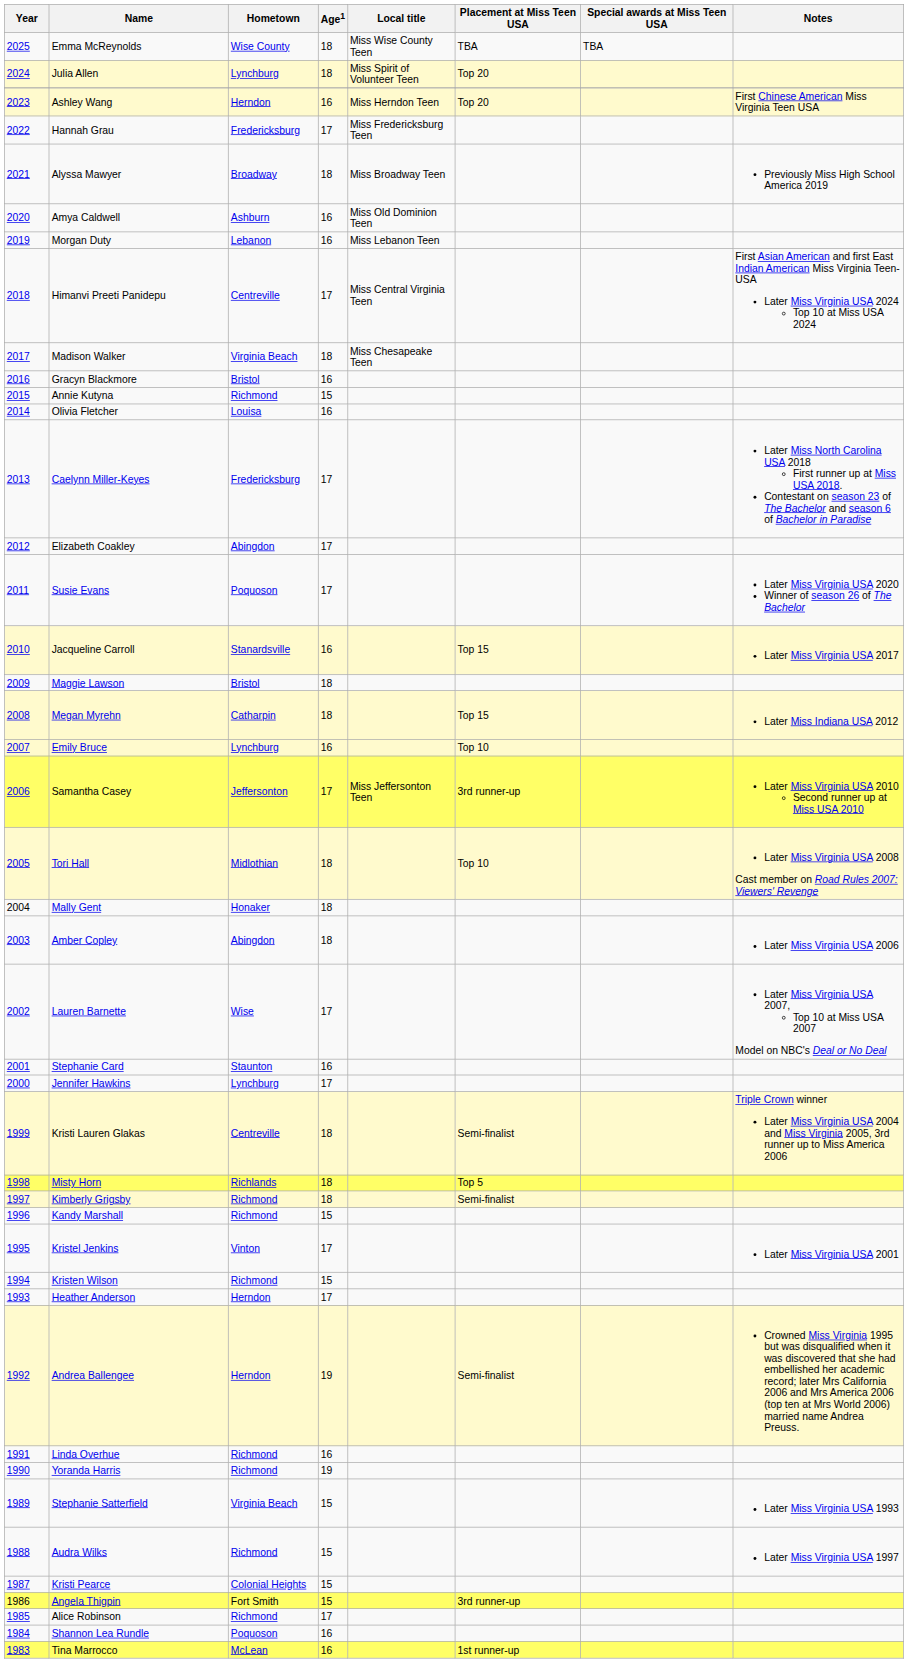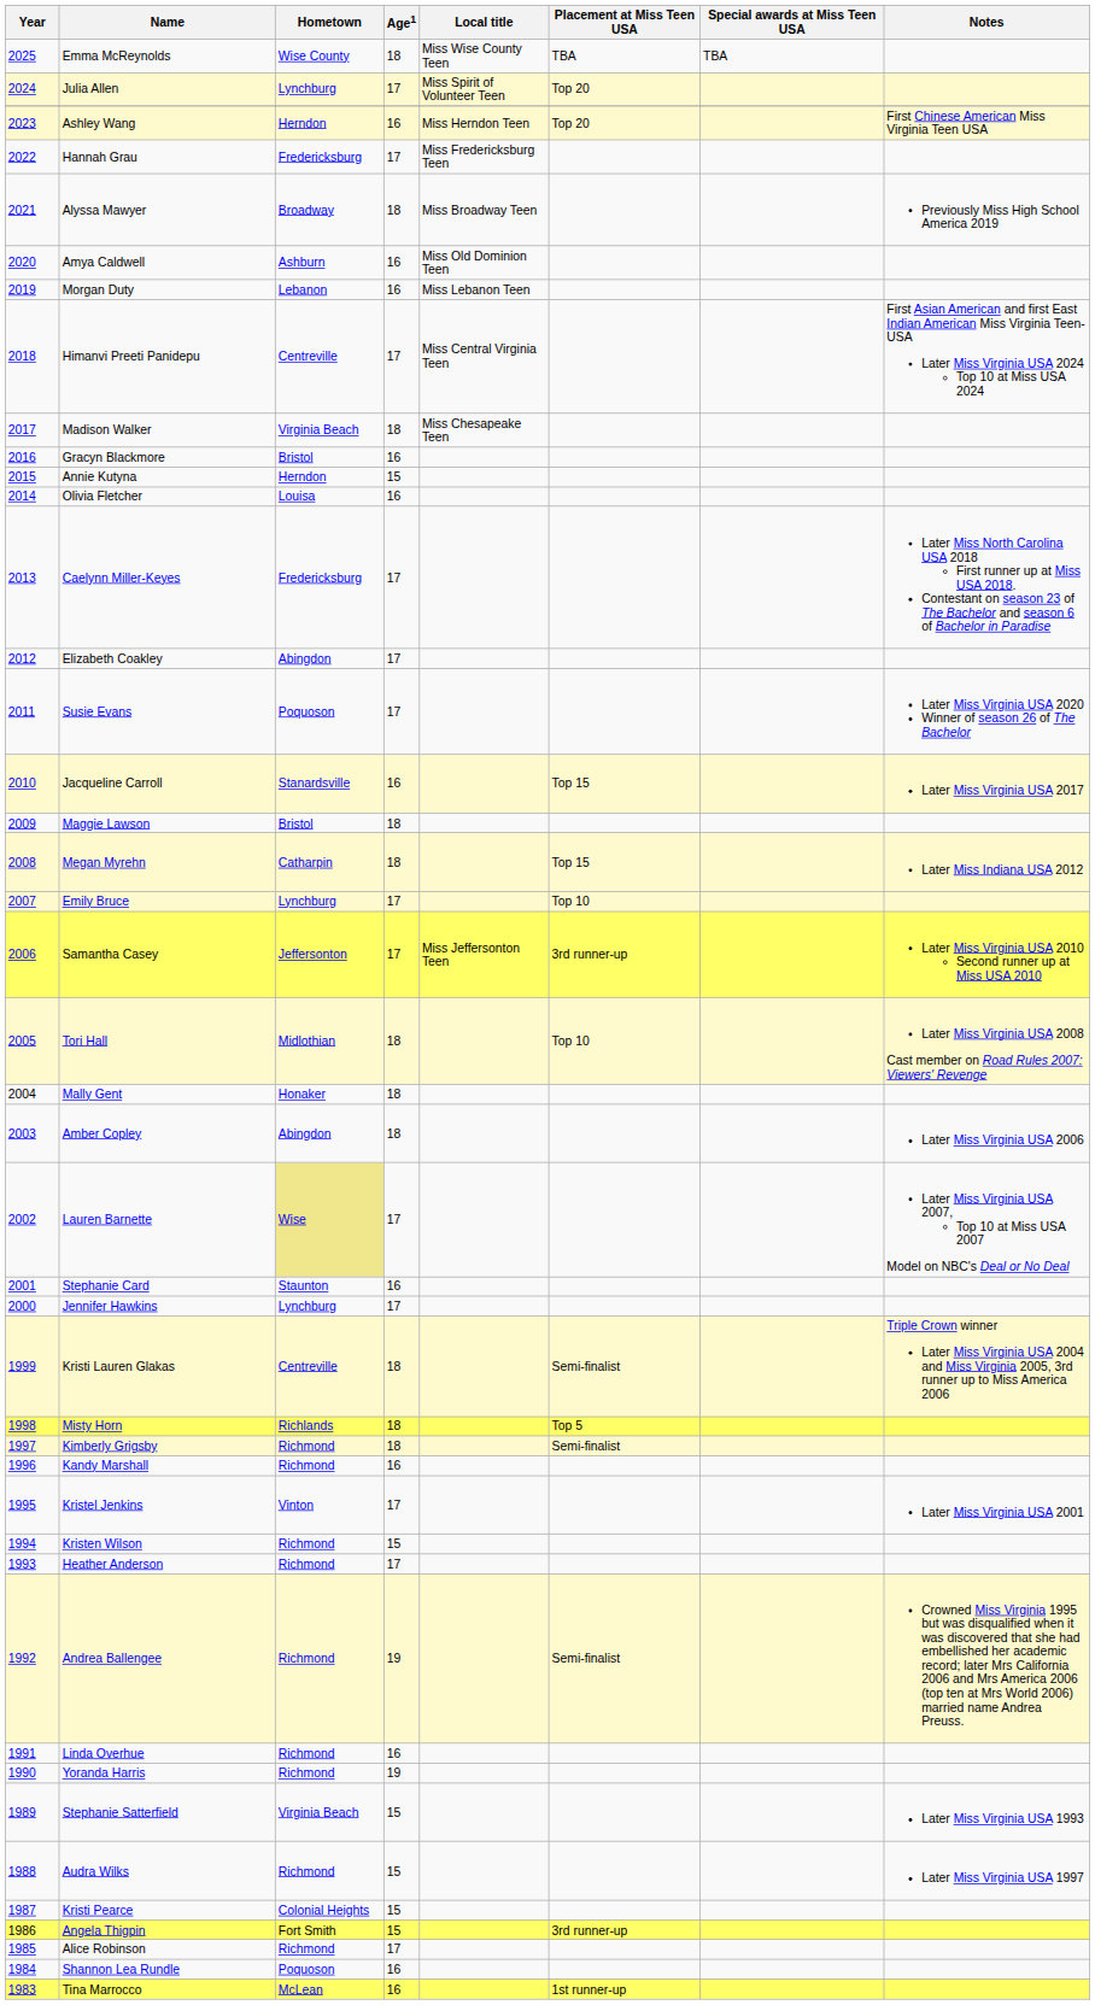 <table class="wikitable"style="font-size:90%;">
 <tr bgcolor="#efefef">
 <th width=5%>Year</th>
 <th width=20%>Name</th>
 <th width=10%>Hometown</th>
 <th width=3%>Age<sup>1</sup></th>
 <th width=12%>Local title</th>
 <th width=14%>Placement at Miss Teen USA</th>
 <th width=17%>Special awards at Miss Teen  USA</th>
 <th width=31%>Notes</th>
 </tr>
 <tr>
 <td><a href='#'>2025</a></td>
 <td>Emma McReynolds</td>
 <td><a href='#'>Wise County</a></td>
 <td>18</td>
 <td>Miss Wise County Teen</td>
 <td>TBA</td>
 <td>TBA</td>
 <td></td>
 </tr>
 <tr style="background-color:#FFFACD;”">
 <td><a href='#'>2024</a></td>
 <td>Julia Allen</td>
 <td><a href='#'>Lynchburg</a></td>
-<td>18</td>
+<td>17</td>
 <td>Miss Spirit of Volunteer Teen</td>
 <td>Top 20</td>
 <td></td>
 <td></td>
 </tr>
 <tr>
 </tr>
 <tr style="background-color:#FFFACD;”">
 <td><a href='#'>2023</a></td>
 <td>Ashley Wang</td>
 <td><a href='#'>Herndon</a></td>
 <td>16</td>
 <td>Miss Herndon Teen</td>
 <td>Top 20</td>
 <td></td>
 <td>First <a href='#'>Chinese American</a> Miss Virginia Teen USA</td>
 </tr>
 <tr>
 <td><a href='#'>2022</a></td>
 <td>Hannah Grau</td>
 <td><a href='#'>Fredericksburg</a></td>
 <td>17</td>
 <td>Miss Fredericksburg Teen</td>
 <td></td>
 <td></td>
 <td></td>
 </tr>
 <tr>
 <td><a href='#'>2021</a></td>
 <td>Alyssa Mawyer</td>
 <td><a href='#'>Broadway</a></td>
 <td>18</td>
 <td>Miss Broadway Teen</td>
 <td></td>
 <td></td>
 <td><br><ul><li>Previously Miss High School America 2019</li></ul></td>
 </tr>
 <tr>
 <td><a href='#'>2020</a></td>
 <td>Amya Caldwell</td>
 <td><a href='#'>Ashburn</a></td>
 <td>16</td>
 <td>Miss Old Dominion Teen</td>
 <td></td>
 <td></td>
 <td></td>
 </tr>
 <tr>
 <td><a href='#'>2019</a></td>
 <td>Morgan Duty</td>
 <td><a href='#'>Lebanon</a></td>
 <td>16</td>
 <td>Miss Lebanon Teen</td>
 <td></td>
 <td></td>
 <td></td>
 </tr>
 <tr>
 <td><a href='#'>2018</a></td>
 <td>Himanvi Preeti Panidepu</td>
 <td><a href='#'>Centreville</a></td>
 <td>17</td>
 <td>Miss Central Virginia Teen</td>
 <td></td>
 <td></td>
 <td>First <a href='#'>Asian American</a> and first East <a href='#'>Indian American</a> Miss Virginia Teen-USA<br><ul><li>Later <a href='#'>Miss Virginia USA</a> 2024<ul><li>Top 10 at Miss USA 2024</li></ul></li></ul></td>
 </tr>
 <tr>
 <td><a href='#'>2017</a></td>
 <td>Madison Walker</td>
 <td><a href='#'>Virginia Beach</a></td>
 <td>18</td>
 <td>Miss Chesapeake Teen</td>
 <td></td>
 <td></td>
 <td></td>
 </tr>
 <tr>
 <td><a href='#'>2016</a></td>
 <td>Gracyn Blackmore</td>
 <td><a href='#'>Bristol</a></td>
 <td>16</td>
 <td></td>
 <td></td>
 <td></td>
 <td></td>
 </tr>
 <tr>
 <td><a href='#'>2015</a></td>
 <td>Annie Kutyna</td>
-<td><a href='#'>Richmond</a></td>
+<td><a href='#'>Herndon</a></td>
 <td>15</td>
 <td></td>
 <td></td>
 <td></td>
 <td></td>
 </tr>
 <tr>
 <td><a href='#'>2014</a></td>
 <td>Olivia Fletcher</td>
 <td><a href='#'>Louisa</a></td>
 <td>16</td>
 <td></td>
 <td></td>
 <td></td>
 <td></td>
 </tr>
 <tr>
 <td><a href='#'>2013</a></td>
 <td><a href='#'>Caelynn Miller-Keyes</a></td>
 <td><a href='#'>Fredericksburg</a></td>
 <td>17</td>
 <td></td>
 <td></td>
 <td></td>
 <td><br><ul><li>Later <a href='#'>Miss North Carolina USA</a> 2018<ul><li>First runner up at <a href='#'>Miss USA 2018</a>.</li></ul></li><li>Contestant on <a href='#'>season 23</a> of <a href='#'><em>The Bachelor</em></a> and <a href='#'>season 6</a> of <a href='#'><em>Bachelor in Paradise</em></a></li></ul></td>
 </tr>
 <tr>
 <td><a href='#'>2012</a></td>
 <td>Elizabeth Coakley</td>
 <td><a href='#'>Abingdon</a></td>
 <td>17</td>
 <td></td>
 <td></td>
 <td></td>
 <td></td>
 </tr>
 <tr>
 <td><a href='#'>2011</a></td>
 <td><a href='#'>Susie Evans</a></td>
 <td><a href='#'>Poquoson</a></td>
 <td>17</td>
 <td></td>
 <td></td>
 <td></td>
 <td><br><ul><li>Later <a href='#'>Miss Virginia USA</a> 2020</li><li>Winner of <a href='#'>season 26</a> of <a href='#'><em>The Bachelor</em></a></li></ul></td>
 </tr>
 <tr style="background-color:#FFFACD;”">
 <td><a href='#'>2010</a></td>
 <td>Jacqueline Carroll</td>
 <td><a href='#'>Stanardsville</a></td>
 <td>16</td>
 <td></td>
 <td>Top 15</td>
 <td></td>
 <td><br><ul><li>Later <a href='#'>Miss Virginia USA</a> 2017</li></ul></td>
 </tr>
 <tr>
 <td><a href='#'>2009</a></td>
 <td><a href='#'>Maggie Lawson</a></td>
 <td><a href='#'>Bristol</a></td>
 <td>18</td>
 <td></td>
 <td></td>
 <td></td>
 <td></td>
 </tr>
 <tr style="background-color:#FFFACD;”">
 <td><a href='#'>2008</a></td>
 <td><a href='#'>Megan Myrehn</a></td>
 <td><a href='#'>Catharpin</a></td>
 <td>18</td>
 <td></td>
 <td>Top 15</td>
 <td></td>
 <td><br><ul><li>Later <a href='#'>Miss Indiana USA</a> 2012</li></ul></td>
 </tr>
 <tr style="background-color:#FFFACD;”">
 <td><a href='#'>2007</a></td>
 <td><a href='#'>Emily Bruce</a></td>
 <td><a href='#'>Lynchburg</a></td>
-<td>16</td>
+<td>17</td>
 <td></td>
 <td>Top 10</td>
 <td></td>
 <td></td>
 </tr>
 <tr style="background-color:#FFFF66;”">
 <td><a href='#'>2006</a></td>
 <td>Samantha Casey</td>
 <td><a href='#'>Jeffersonton</a></td>
 <td>17</td>
 <td>Miss Jeffersonton Teen</td>
 <td>3rd runner-up</td>
 <td></td>
 <td><br><ul><li>Later <a href='#'>Miss Virginia USA</a> 2010<ul><li>Second runner up at <a href='#'>Miss USA 2010</a></li></ul></li></ul></td>
 </tr>
 <tr style="background-color:#FFFACD;”">
 <td><a href='#'>2005</a></td>
 <td><a href='#'>Tori Hall</a></td>
 <td><a href='#'>Midlothian</a></td>
 <td>18</td>
 <td></td>
 <td>Top 10</td>
 <td></td>
 <td><br><ul><li>Later <a href='#'>Miss Virginia USA</a> 2008</li></ul>Cast member on <em><a href='#'>Road Rules 2007: Viewers' Revenge</a></em></td>
 </tr>
 <tr>
 <td>2004</td>
 <td><a href='#'>Mally Gent</a></td>
 <td><a href='#'>Honaker</a></td>
 <td>18</td>
 <td></td>
 <td></td>
 <td></td>
 <td></td>
 </tr>
 <tr>
 <td><a href='#'>2003</a></td>
 <td><a href='#'>Amber Copley</a></td>
 <td><a href='#'>Abingdon</a></td>
 <td>18</td>
 <td></td>
 <td></td>
 <td></td>
 <td><br><ul><li>Later <a href='#'>Miss Virginia USA</a> 2006</li></ul></td>
 </tr>
 <tr>
 <td><a href='#'>2002</a></td>
 <td><a href='#'>Lauren Barnette</a></td>
-<td><a href='#'>Wise</a></td>
+<td style="background: khaki;"><a href='#'>Wise</a></td>
 <td>17</td>
 <td></td>
 <td></td>
 <td></td>
 <td><br><ul><li>Later <a href='#'>Miss Virginia USA</a> 2007,<ul><li>Top 10 at  Miss USA 2007</li></ul></li></ul>Model on NBC's <em><a href='#'>Deal or No Deal</a></em></td>
 </tr>
 <tr>
 <td><a href='#'>2001</a></td>
 <td><a href='#'>Stephanie Card</a></td>
 <td><a href='#'>Staunton</a></td>
 <td>16</td>
 <td></td>
 <td></td>
 <td></td>
 <td></td>
 </tr>
 <tr>
 <td><a href='#'>2000</a></td>
 <td><a href='#'>Jennifer Hawkins</a></td>
 <td><a href='#'>Lynchburg</a></td>
 <td>17</td>
 <td></td>
 <td></td>
 <td></td>
 <td></td>
 </tr>
 <tr style="background-color:#FFFACD;”">
 <td><a href='#'>1999</a></td>
 <td>Kristi Lauren Glakas</td>
 <td><a href='#'>Centreville</a></td>
 <td>18</td>
 <td></td>
 <td>Semi-finalist</td>
 <td></td>
 <td><a href='#'>Triple Crown</a> winner<br><ul><li>Later <a href='#'>Miss Virginia USA</a> 2004 and <a href='#'>Miss Virginia</a> 2005, 3rd runner up to Miss America 2006</li></ul></td>
 </tr>
 <tr style="background-color:#FFFF66;”">
 <td><a href='#'>1998</a></td>
 <td><a href='#'>Misty Horn</a></td>
 <td><a href='#'>Richlands</a></td>
 <td>18</td>
 <td></td>
 <td>Top 5</td>
 <td></td>
 <td></td>
 </tr>
 <tr style="background-color:#FFFACD;”">
 <td><a href='#'>1997</a></td>
 <td><a href='#'>Kimberly Grigsby</a></td>
 <td><a href='#'>Richmond</a></td>
 <td>18</td>
 <td></td>
 <td>Semi-finalist</td>
 <td></td>
 <td></td>
 </tr>
 <tr>
 <td><a href='#'>1996</a></td>
 <td><a href='#'>Kandy Marshall</a></td>
 <td><a href='#'>Richmond</a></td>
-<td>15</td>
+<td>16</td>
 <td></td>
 <td></td>
 <td></td>
 <td></td>
 </tr>
 <tr>
 <td><a href='#'>1995</a></td>
 <td><a href='#'>Kristel Jenkins</a></td>
 <td><a href='#'>Vinton</a></td>
 <td>17</td>
 <td></td>
 <td></td>
 <td></td>
 <td><br><ul><li>Later <a href='#'>Miss Virginia USA</a> 2001</li></ul></td>
 </tr>
 <tr>
 <td><a href='#'>1994</a></td>
 <td><a href='#'>Kristen Wilson</a></td>
 <td><a href='#'>Richmond</a></td>
 <td>15</td>
 <td></td>
 <td></td>
 <td></td>
 <td></td>
 </tr>
 <tr>
 <td><a href='#'>1993</a></td>
 <td><a href='#'>Heather Anderson</a></td>
-<td><a href='#'>Herndon</a></td>
+<td><a href='#'>Richmond</a></td>
 <td>17</td>
 <td></td>
 <td></td>
 <td></td>
 <td></td>
 </tr>
 <tr style="background-color:#FFFACD;”">
 <td><a href='#'>1992</a></td>
 <td><a href='#'>Andrea Ballengee</a></td>
-<td><a href='#'>Herndon</a></td>
+<td><a href='#'>Richmond</a></td>
 <td>19</td>
 <td></td>
 <td>Semi-finalist</td>
 <td></td>
 <td><br><ul><li>Crowned <a href='#'>Miss Virginia</a> 1995 but was disqualified when it was discovered that she had embellished her academic record; later Mrs California 2006 and Mrs America 2006 (top ten at Mrs World 2006) married name Andrea Preuss.</li></ul></td>
 </tr>
 <tr>
 <td><a href='#'>1991</a></td>
 <td><a href='#'>Linda Overhue</a></td>
 <td><a href='#'>Richmond</a></td>
 <td>16</td>
 <td></td>
 <td></td>
 <td></td>
 <td></td>
 </tr>
 <tr>
 <td><a href='#'>1990</a></td>
 <td><a href='#'>Yoranda Harris</a></td>
 <td><a href='#'>Richmond</a></td>
 <td>19</td>
 <td></td>
 <td></td>
 <td></td>
 <td></td>
 </tr>
 <tr>
 <td><a href='#'>1989</a></td>
 <td><a href='#'>Stephanie Satterfield</a></td>
 <td><a href='#'>Virginia Beach</a></td>
 <td>15</td>
 <td></td>
 <td></td>
 <td></td>
 <td><br><ul><li>Later <a href='#'>Miss Virginia USA</a> 1993</li></ul></td>
 </tr>
 <tr>
 <td><a href='#'>1988</a></td>
 <td><a href='#'>Audra Wilks</a></td>
 <td><a href='#'>Richmond</a></td>
 <td>15</td>
 <td></td>
 <td></td>
 <td></td>
 <td><br><ul><li>Later <a href='#'>Miss Virginia USA</a> 1997</li></ul></td>
 </tr>
 <tr>
 <td><a href='#'>1987</a></td>
 <td><a href='#'>Kristi Pearce</a></td>
 <td><a href='#'>Colonial Heights</a></td>
 <td>15</td>
 <td></td>
 <td></td>
 <td></td>
 <td></td>
 </tr>
 <tr style="background-color:#FFFF66;”">
 <td>1986</td>
 <td><a href='#'>Angela Thigpin</a></td>
 <td>Fort Smith</td>
 <td>15</td>
 <td></td>
 <td>3rd runner-up</td>
 <td></td>
 <td></td>
 </tr>
 <tr>
 <td><a href='#'>1985</a></td>
 <td>Alice Robinson</td>
 <td><a href='#'>Richmond</a></td>
 <td>17</td>
 <td></td>
 <td></td>
 <td></td>
 <td></td>
 </tr>
 <tr>
 <td><a href='#'>1984</a></td>
 <td><a href='#'>Shannon Lea Rundle</a></td>
 <td><a href='#'>Poquoson</a></td>
 <td>16</td>
 <td></td>
 <td></td>
 <td></td>
 <td></td>
 </tr>
 <tr style="background-color:#FFFF66;”">
 <td><a href='#'>1983</a></td>
 <td>Tina Marrocco</td>
 <td><a href='#'>McLean</a></td>
 <td>16</td>
 <td></td>
 <td>1st runner-up</td>
 <td></td>
 <td></td>
 </tr>
 </table>
